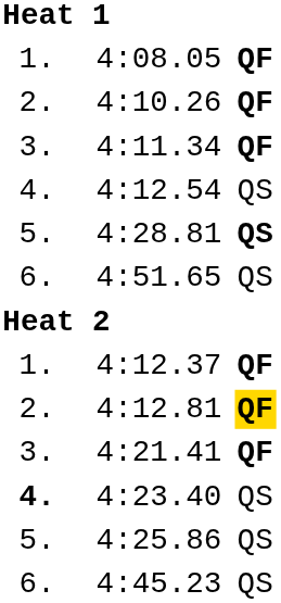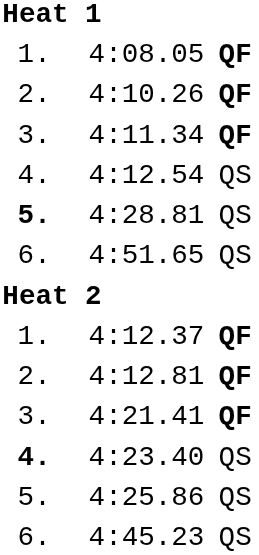 <table style="text-align:center">
 <tr>
 <td colspan=4 align=left><strong>Heat 1</strong></td>
 </tr>
 <tr>
 <td width=30>1.</td>
 <td align=left></td>
 <td width=60>4:08.05</td>
 <td><strong>QF</strong></td>
 </tr>
 <tr>
 <td>2.</td>
 <td align=left></td>
 <td>4:10.26</td>
 <td><strong>QF</strong></td>
 </tr>
 <tr>
 <td>3.</td>
 <td align=left></td>
 <td>4:11.34</td>
 <td><strong>QF</strong></td>
 </tr>
 <tr>
 <td>4.</td>
 <td align=left></td>
 <td>4:12.54</td>
 <td>QS</td>
 </tr>
 <tr>
-<td>5.</td>
+<td><strong>5.</strong></td>
 <td align=left></td>
 <td>4:28.81</td>
-<td><strong>QS</strong></td>
+<td>QS</td>
 </tr>
 <tr>
 <td>6.</td>
 <td align=left></td>
 <td>4:51.65</td>
 <td>QS</td>
 </tr>
 <tr>
 <td colspan=4 align=left><strong>Heat 2</strong></td>
 </tr>
 <tr>
 <td>1.</td>
 <td align=left></td>
 <td>4:12.37</td>
 <td><strong>QF</strong></td>
 </tr>
 <tr>
 <td>2.</td>
 <td align=left></td>
 <td>4:12.81</td>
-<td style="background: gold;"><strong>QF</strong></td>
+<td><strong>QF</strong></td>
 </tr>
 <tr>
 <td>3.</td>
 <td align=left></td>
 <td>4:21.41</td>
 <td><strong>QF</strong></td>
 </tr>
 <tr>
 <td><strong>4.</strong></td>
 <td align=left></td>
 <td>4:23.40</td>
 <td>QS</td>
 </tr>
 <tr>
 <td>5.</td>
 <td align=left></td>
 <td>4:25.86</td>
 <td>QS</td>
 </tr>
 <tr>
 <td>6.</td>
 <td align=left></td>
 <td>4:45.23</td>
 <td>QS</td>
 </tr>
 </table>
